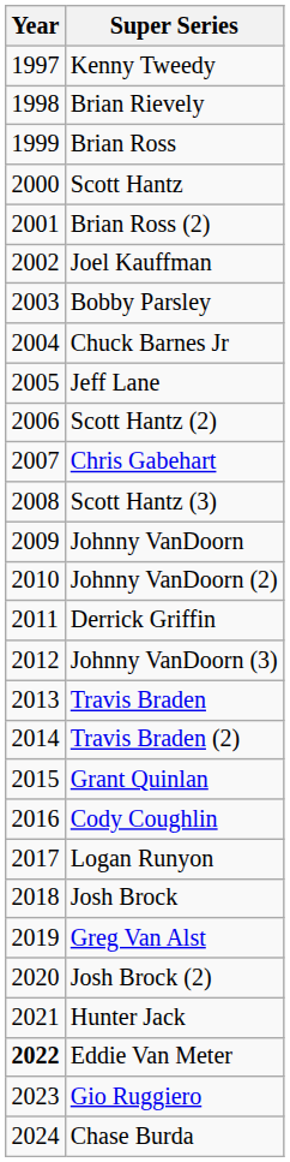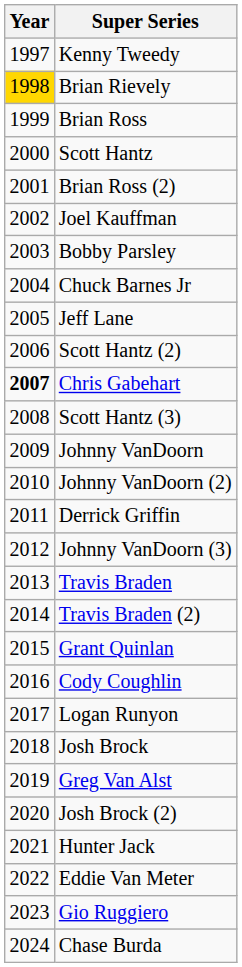 <table class="wikitable" style="font-size:90%;">
 <tr>
 <th>Year</th>
 <th>Super Series</th>
 </tr>
 <tr>
 <td>1997</td>
 <td>Kenny Tweedy</td>
 </tr>
 <tr>
-<td>1998</td>
+<td style="background: gold;">1998</td>
 <td>Brian Rievely</td>
 </tr>
 <tr>
 <td>1999</td>
 <td>Brian Ross</td>
 </tr>
 <tr>
 <td>2000</td>
 <td>Scott Hantz</td>
 </tr>
 <tr>
 <td>2001</td>
 <td>Brian Ross (2)</td>
 </tr>
 <tr>
 <td>2002</td>
 <td>Joel Kauffman</td>
 </tr>
 <tr>
 <td>2003</td>
 <td>Bobby Parsley</td>
 </tr>
 <tr>
 <td>2004</td>
 <td>Chuck Barnes Jr</td>
 </tr>
 <tr>
 <td>2005</td>
 <td>Jeff Lane</td>
 </tr>
 <tr>
 <td>2006</td>
 <td>Scott Hantz (2)</td>
 </tr>
 <tr>
-<td>2007</td>
+<td><strong>2007</strong></td>
 <td><a href='#'>Chris Gabehart</a></td>
 </tr>
 <tr>
 <td>2008</td>
 <td>Scott Hantz (3)</td>
 </tr>
 <tr>
 <td>2009</td>
 <td>Johnny VanDoorn</td>
 </tr>
 <tr>
 <td>2010</td>
 <td>Johnny VanDoorn (2)</td>
 </tr>
 <tr>
 <td>2011</td>
 <td>Derrick Griffin</td>
 </tr>
 <tr>
 <td>2012</td>
 <td>Johnny VanDoorn (3)</td>
 </tr>
 <tr>
 <td>2013</td>
 <td><a href='#'>Travis Braden</a></td>
 </tr>
 <tr>
 <td>2014</td>
 <td><a href='#'>Travis Braden</a> (2)</td>
 </tr>
 <tr>
 <td>2015</td>
 <td><a href='#'>Grant Quinlan</a></td>
 </tr>
 <tr>
 <td>2016</td>
 <td><a href='#'>Cody Coughlin</a></td>
 </tr>
 <tr>
 <td>2017</td>
 <td>Logan Runyon</td>
 </tr>
 <tr>
 <td>2018</td>
 <td>Josh Brock</td>
 </tr>
 <tr>
 <td>2019</td>
 <td><a href='#'>Greg Van Alst</a></td>
 </tr>
 <tr>
 <td>2020</td>
 <td>Josh Brock (2)</td>
 </tr>
 <tr>
 <td>2021</td>
 <td>Hunter Jack</td>
 </tr>
 <tr>
-<td><strong>2022</strong></td>
+<td>2022</td>
 <td>Eddie Van Meter</td>
 </tr>
 <tr>
 <td>2023</td>
 <td><a href='#'>Gio Ruggiero</a></td>
 </tr>
 <tr>
 <td>2024</td>
 <td>Chase Burda</td>
 </tr>
 </table>
